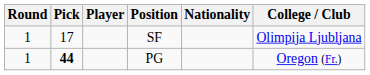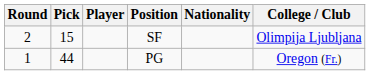 <table class="wikitable sortable sortable">
 <tr>
 <th>Round</th>
 <th>Pick</th>
 <th>Player</th>
 <th>Position</th>
 <th>Nationality</th>
 <th>College / Club</th>
 </tr>
 <tr style="text-align: center">
-<td>1</td>
-<td>17</td>
+<td>2</td>
+<td>15</td>
 <td></td>
 <td>SF</td>
 <td></td>
 <td> <a href='#'>Olimpija Ljubljana</a></td>
 </tr>
 <tr style="text-align: center">
 <td>1</td>
-<td><strong>44</strong></td>
+<td>44</td>
 <td></td>
 <td>PG</td>
 <td></td>
 <td><a href='#'>Oregon</a> <small>(<a href='#'>Fr.</a>)</small></td>
 </tr>
 </table>
